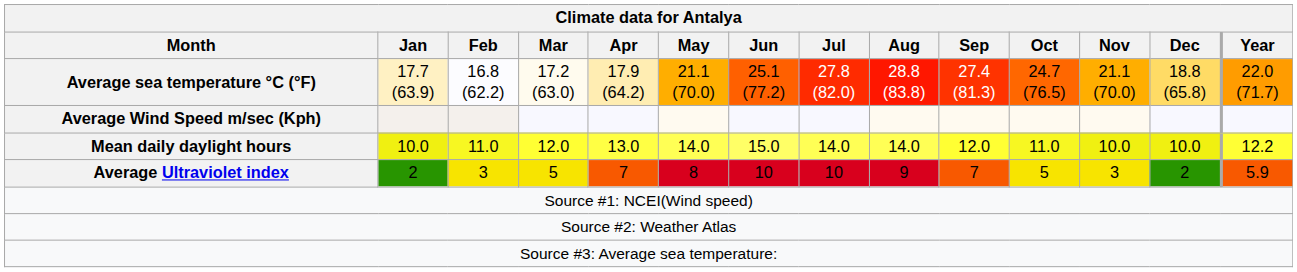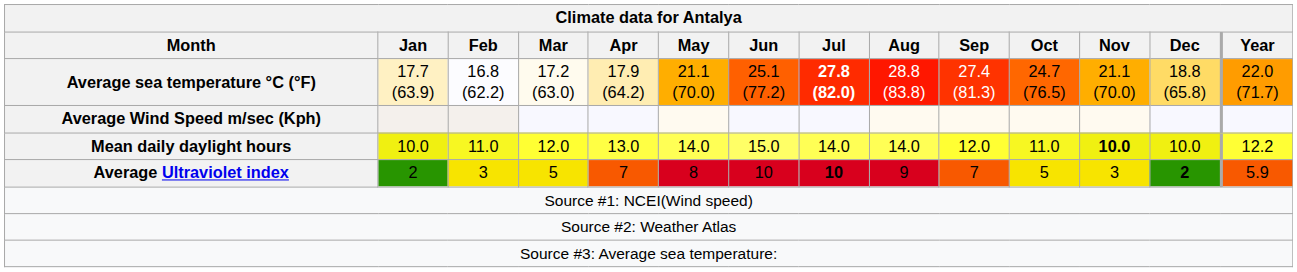 <table style="width:100%;text-align:center;line-height:1.2em;margin-left:auto;margin-right:auto" class="wikitable mw-collapsible">
 <tr>
 <th Colspan=14>Climate data for Antalya</th>
 </tr>
 <tr>
 <th>Month</th>
 <th>Jan</th>
 <th>Feb</th>
 <th>Mar</th>
 <th>Apr</th>
 <th>May</th>
 <th>Jun</th>
 <th>Jul</th>
 <th>Aug</th>
 <th>Sep</th>
 <th>Oct</th>
 <th>Nov</th>
 <th>Dec</th>
 <th style="border-left-width:medium">Year</th>
 </tr>
 <tr>
 <th>Average sea temperature °C (°F)</th>
 <td style="background:#FFF1C3;color:#000000;">17.7<br>(63.9)</td>
 <td style="background:#FCFCFF;color:#000000;">16.8<br>(62.2)</td>
 <td style="background:#FFFBEE;color:#000000;">17.2<br>(63.0)</td>
 <td style="background:#FFEDB2;color:#000000;">17.9<br>(64.2)</td>
 <td style="background:#FFAE00;color:#000000;">21.1<br>(70.0)</td>
 <td style="background:#FF6000;color:#000000;">25.1<br>(77.2)</td>
-<td style="background:#FF2B00;color:#FFFFFF;">27.8<br>(82.0)</td>
+<td style="background:#FF2B00;color:#FFFFFF;"><strong>27.8<br>(82.0)</strong></td>
 <td style="background:#FF1700;color:#FFFFFF;">28.8<br>(83.8)</td>
 <td style="background:#FF3300;color:#FFFFFF;">27.4<br>(81.3)</td>
 <td style="background:#FF6700;color:#000000;">24.7<br>(76.5)</td>
 <td style="background:#FFAE00;color:#000000;">21.1<br>(70.0)</td>
 <td style="background:#FFDB65;color:#000000;">18.8<br>(65.8)</td>
 <td style="background:#FF9C00;color:#000000;border-left-width:medium">22.0<br>(71.7)</td>
 </tr>
 <tr>
 <th>Average Wind Speed m/sec (Kph)</th>
 <td style="background:#F4F0EC;color:#000000;"></td>
 <td style="background:#F4F0EC;color:#000000;"></td>
 <td style="background:#F8F8FF;color:#000000;"></td>
 <td style="background:#F8F8FF;color:#000000;"></td>
 <td style="background:#FFFAF0;color:#000000;"></td>
 <td style="background:#F8F8FF;color:#000000;"></td>
 <td style="background:#F8F8FF;color:#000000;"></td>
 <td style="background:#FFFAF0;color:#000000;"></td>
 <td style="background:#FFFAF0;color:#000000;"></td>
 <td style="background:#FFFAF0;color:#000000;"></td>
 <td style="background:#FFFAF0;color:#000000;"></td>
 <td style="background:#F8F8FF;color:#000000;"></td>
 <td style="background:#F8F8FF;color:#000000;border-left-width:medium"></td>
 </tr>
 <tr>
 <th>Mean daily daylight hours</th>
 <td style="background:#F0F011;color:#000000;">10.0</td>
 <td style="background:#F7F722;color:#000000;">11.0</td>
 <td style="background:#FFFF33;color:#000000;">12.0</td>
 <td style="background:#FFFF44;color:#000000;">13.0</td>
 <td style="background:#FFFF55;color:#000000;">14.0</td>
 <td style="background:#FFFF66;color:#000000;">15.0</td>
 <td style="background:#FFFF55;color:#000000;">14.0</td>
 <td style="background:#FFFF55;color:#000000;">14.0</td>
 <td style="background:#FFFF33;color:#000000;">12.0</td>
 <td style="background:#F7F722;color:#000000;">11.0</td>
-<td style="background:#F0F011;color:#000000;">10.0</td>
+<td style="background:#F0F011;color:#000000;"><strong>10.0</strong></td>
 <td style="background:#F0F011;color:#000000;">10.0</td>
 <td style="background:#FFFF35;color:#000000;border-left-width:medium">12.2</td>
 </tr>
 <tr>
 <th>Average <a href='#'>Ultraviolet index</a></th>
 <td style="background:#289500;color:#000000;">2</td>
 <td style="background:#f7e400;color:#000000;">3</td>
 <td style="background:#f7e400;color:#000000;">5</td>
 <td style="background:#f85900;color:#000000;">7</td>
 <td style="background:#d8001d;color:#000000;">8</td>
 <td style="background:#d8001d;color:#000000;">10</td>
-<td style="background:#d8001d;color:#000000;">10</td>
+<td style="background:#d8001d;color:#000000;"><strong>10</strong></td>
 <td style="background:#d8001d;color:#000000;">9</td>
 <td style="background:#f85900;color:#000000;">7</td>
 <td style="background:#f7e400;color:#000000;">5</td>
 <td style="background:#f7e400;color:#000000;">3</td>
-<td style="background:#289500;color:#000000;">2</td>
+<td style="background:#289500;color:#000000;"><strong>2</strong></td>
 <td style="background:#f85900;color:#000000;border-left-width:medium">5.9</td>
 </tr>
 <tr>
 <th Colspan=14 style="background:#f8f9fa;font-weight:normal;font-size:95%;">Source #1: NCEI(Wind speed) </th>
 </tr>
 <tr>
 <th Colspan=14 style="background:#f8f9fa;font-weight:normal;font-size:95%;">Source #2: Weather Atlas </th>
 </tr>
 <tr>
 <th Colspan=14 style="background:#f8f9fa;font-weight:normal;font-size:95%;">Source #3: Average sea temperature:</th>
 </tr>
 </table>
